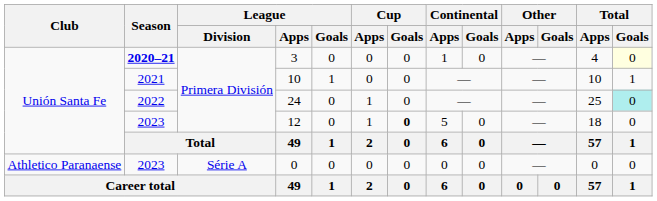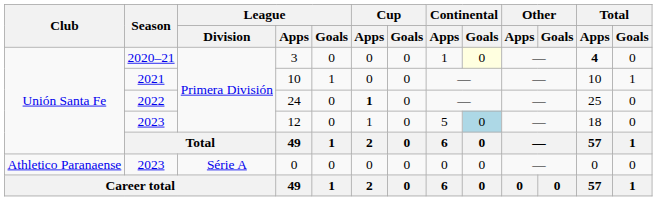 <table class="wikitable" style="text-align:center">
 <tr>
 <th rowspan="2">Club</th>
 <th rowspan="2">Season</th>
 <th colspan="3">League</th>
 <th colspan="2">Cup</th>
 <th colspan="2">Continental</th>
 <th colspan="2">Other</th>
 <th colspan="2">Total</th>
 </tr>
 <tr>
 <th>Division</th>
 <th>Apps</th>
 <th>Goals</th>
 <th>Apps</th>
 <th>Goals</th>
 <th>Apps</th>
 <th>Goals</th>
 <th>Apps</th>
 <th>Goals</th>
 <th>Apps</th>
 <th>Goals</th>
 </tr>
 <tr>
 <td rowspan="5"><a href='#'>Unión Santa Fe</a></td>
-<td><strong><a href='#'>2020–21</a></strong></td>
+<td><a href='#'>2020–21</a></td>
 <td rowspan="4"><a href='#'>Primera División</a></td>
 <td>3</td>
 <td>0</td>
 <td>0</td>
 <td>0</td>
 <td>1</td>
+<td style="background: lightyellow;">0</td>
+<td colspan="2">—</td>
+<td><strong>4</strong></td>
 <td>0</td>
-<td colspan="2">—</td>
-<td>4</td>
-<td style="background: lightyellow;">0</td>
 </tr>
 <tr>
 <td><a href='#'>2021</a></td>
 <td>10</td>
 <td>1</td>
 <td>0</td>
 <td>0</td>
 <td colspan="2">—</td>
 <td colspan="2">—</td>
 <td>10</td>
 <td>1</td>
 </tr>
 <tr>
 <td><a href='#'>2022</a></td>
 <td>24</td>
 <td>0</td>
-<td>1</td>
+<td><strong>1</strong></td>
 <td>0</td>
 <td colspan="2">—</td>
 <td colspan="2">—</td>
 <td>25</td>
-<td style="background: paleturquoise;">0</td>
+<td>0</td>
 </tr>
 <tr>
 <td><a href='#'>2023</a></td>
 <td>12</td>
 <td>0</td>
 <td>1</td>
-<td><strong>0</strong></td>
+<td>0</td>
 <td>5</td>
-<td>0</td>
+<td style="background: lightblue;">0</td>
 <td colspan="2">—</td>
 <td>18</td>
 <td>0</td>
 </tr>
 <tr>
 <th colspan="2">Total</th>
 <th>49</th>
 <th>1</th>
 <th>2</th>
 <th>0</th>
 <th>6</th>
 <th>0</th>
 <th colspan="2">—</th>
 <th>57</th>
 <th>1</th>
 </tr>
 <tr>
 <td><a href='#'>Athletico Paranaense</a></td>
 <td><a href='#'>2023</a></td>
 <td><a href='#'>Série A</a></td>
 <td>0</td>
 <td>0</td>
 <td>0</td>
 <td>0</td>
 <td>0</td>
 <td>0</td>
 <td colspan="2">—</td>
 <td>0</td>
 <td>0</td>
 </tr>
 <tr>
 <th colspan="3"><strong>Career total</strong></th>
 <th>49</th>
 <th>1</th>
 <th>2</th>
 <th>0</th>
 <th>6</th>
 <th>0</th>
 <th>0</th>
 <th>0</th>
 <th>57</th>
 <th>1</th>
 </tr>
 </table>
